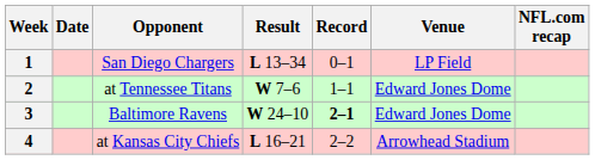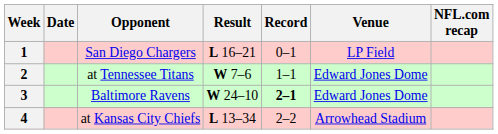 <table class="wikitable" style="text-align:center">
 <tr>
 <th>Week</th>
 <th>Date</th>
 <th>Opponent</th>
 <th>Result</th>
 <th>Record</th>
 <th>Venue</th>
 <th>NFL.com<br>recap</th>
 </tr>
 <tr style="background: #fcc">
 <th>1</th>
 <td></td>
 <td><a href='#'>San Diego Chargers</a></td>
-<td><strong>L</strong> 13–34</td>
+<td><strong>L</strong> 16–21</td>
 <td>0–1</td>
 <td><a href='#'>LP Field</a></td>
 <td></td>
 </tr>
 <tr style="background: #cfc;">
 <th>2</th>
 <td></td>
 <td>at <a href='#'>Tennessee Titans</a></td>
 <td><strong>W</strong> 7–6</td>
 <td>1–1</td>
 <td><a href='#'>Edward Jones Dome</a></td>
 <td></td>
 </tr>
 <tr style="background: #cfc;">
 <th>3</th>
 <td></td>
 <td><a href='#'>Baltimore Ravens</a></td>
 <td><strong>W</strong> 24–10</td>
 <td><strong>2–1</strong></td>
 <td><a href='#'>Edward Jones Dome</a></td>
 <td></td>
 </tr>
 <tr style="background: #fcc;">
 <th>4</th>
 <td></td>
 <td>at <a href='#'>Kansas City Chiefs</a></td>
-<td><strong>L</strong> 16–21</td>
+<td><strong>L</strong> 13–34</td>
 <td>2–2</td>
 <td><a href='#'>Arrowhead Stadium</a></td>
 <td></td>
 </tr>
 </table>
